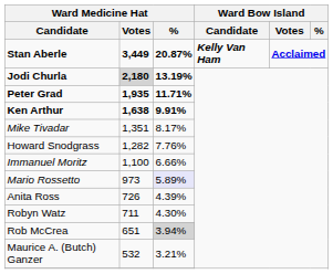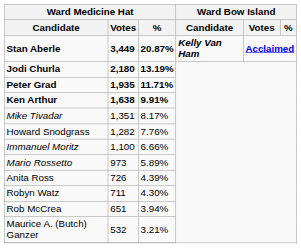 <table class="wikitable" style="width:480px">
 <tr>
 <th colspan=3>Ward Medicine Hat</th>
 <th colspan=3>Ward Bow Island</th>
 </tr>
 <tr>
 <th>Candidate</th>
 <th>Votes</th>
 <th>%</th>
 <th>Candidate</th>
 <th>Votes</th>
 <th>%</th>
 </tr>
 <tr>
 <td><strong>Stan Aberle</strong></td>
 <td><strong>3,449</strong></td>
 <td><strong>20.87%</strong></td>
 <td><strong><em>Kelly Van Ham</em></strong></td>
 <td colspan=2><strong><a href='#'>Acclaimed</a></strong></td>
 </tr>
 <tr>
 <td><strong>Jodi Churla</strong></td>
-<td style="background: lightgrey;"><strong>2,180</strong></td>
+<td><strong>2,180</strong></td>
 <td><strong>13.19%</strong></td>
 </tr>
 <tr>
 <td><strong>Peter Grad</strong></td>
 <td><strong>1,935</strong></td>
 <td><strong>11.71%</strong></td>
 </tr>
 <tr>
 <td><strong>Ken Arthur</strong></td>
 <td><strong>1,638</strong></td>
 <td><strong>9.91%</strong></td>
 </tr>
 <tr>
 <td><em>Mike Tivadar</em></td>
 <td>1,351</td>
 <td>8.17%</td>
 </tr>
 <tr>
 <td>Howard Snodgrass</td>
 <td>1,282</td>
 <td>7.76%</td>
 </tr>
 <tr>
 <td><em>Immanuel Moritz</em></td>
 <td>1,100</td>
 <td>6.66%</td>
 </tr>
 <tr>
 <td><em>Mario Rossetto</em></td>
 <td>973</td>
-<td style="background: lavender;">5.89%</td>
+<td>5.89%</td>
 </tr>
 <tr>
 <td>Anita Ross</td>
 <td>726</td>
 <td>4.39%</td>
 </tr>
 <tr>
 <td>Robyn Watz</td>
 <td>711</td>
 <td>4.30%</td>
 </tr>
 <tr>
 <td>Rob McCrea</td>
 <td>651</td>
-<td style="background: lightgrey;">3.94%</td>
+<td>3.94%</td>
 </tr>
 <tr>
 <td>Maurice A. (Butch) Ganzer</td>
 <td>532</td>
 <td>3.21%</td>
 </tr>
 <tr>
 </tr>
 </table>
